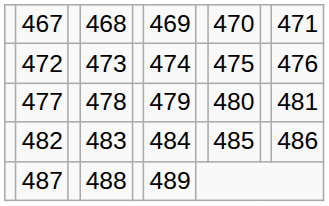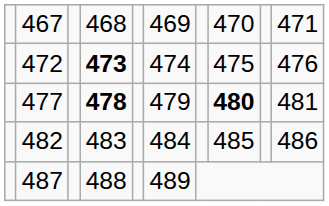 <table class="wikitable" style="text-align:center">
 <tr>
 <td></td>
 <td>467<br><big></big></td>
 <td></td>
 <td>468<br><big></big></td>
 <td></td>
 <td>469<br><big></big></td>
 <td></td>
 <td>470<br><big></big></td>
 <td></td>
 <td>471<br><big></big></td>
 </tr>
 <tr>
 <td></td>
 <td>472<br><big></big></td>
 <td></td>
-<td>473<br><big></big></td>
+<td><strong>473<br><big></big></strong></td>
 <td></td>
 <td>474<br><big></big></td>
 <td></td>
 <td>475<br><big></big></td>
 <td></td>
 <td>476<br><big></big></td>
 </tr>
 <tr>
 <td></td>
 <td>477<br><big></big></td>
 <td></td>
-<td>478<br><big></big></td>
+<td><strong>478<br><big></big></strong></td>
 <td></td>
 <td>479<br><big></big></td>
 <td></td>
-<td>480<br><big></big></td>
+<td><strong>480<br><big></big></strong></td>
 <td></td>
 <td>481<br><big></big></td>
 </tr>
 <tr>
 <td></td>
 <td>482<br><big></big></td>
 <td></td>
 <td>483<br><big></big></td>
 <td></td>
 <td>484<br><big></big></td>
 <td></td>
 <td>485<br><big></big></td>
 <td></td>
 <td>486<br><big></big></td>
 </tr>
 <tr>
 <td></td>
 <td>487<br><big></big></td>
 <td></td>
 <td>488<br><big></big></td>
 <td></td>
 <td>489<br><big></big></td>
 </tr>
 </table>
